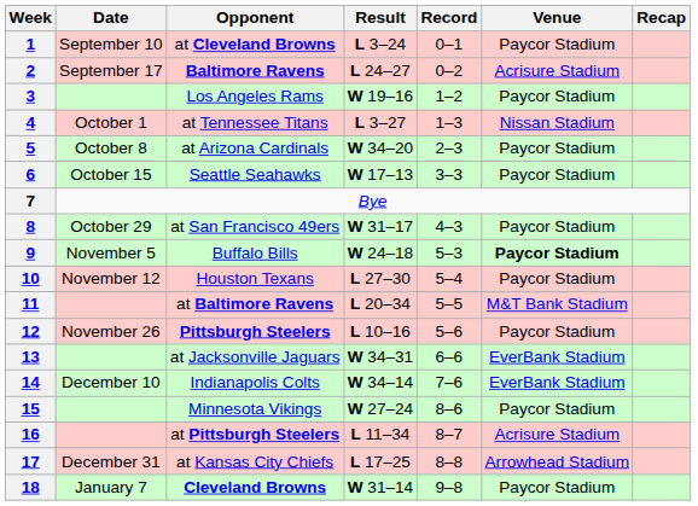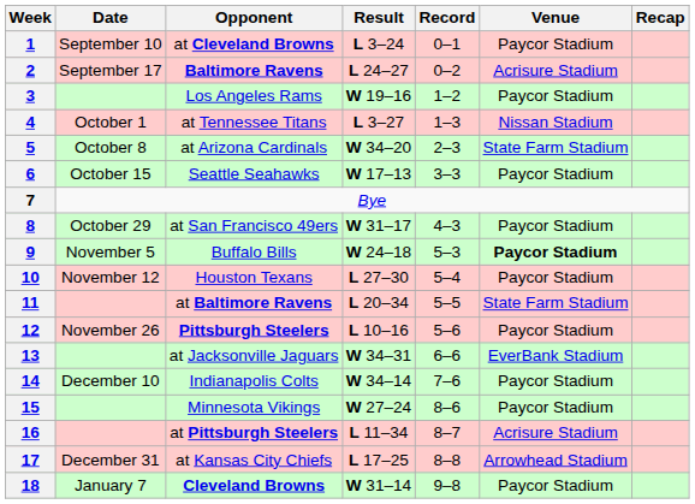 <table class="wikitable" style="text-align:center">
 <tr>
 <th>Week</th>
 <th>Date</th>
 <th>Opponent</th>
 <th>Result</th>
 <th>Record</th>
 <th>Venue</th>
 <th>Recap</th>
 </tr>
 <tr style="background:#fcc">
 <th><a href='#'>1</a></th>
 <td>September 10</td>
 <td>at <strong><a href='#'>Cleveland Browns</a></strong></td>
 <td><strong>L</strong> 3–24</td>
 <td>0–1</td>
 <td>Paycor Stadium</td>
 <td></td>
 </tr>
 <tr style="background:#fcc">
 <th><a href='#'>2</a></th>
 <td>September 17</td>
 <td><strong><a href='#'>Baltimore Ravens</a></strong></td>
 <td><strong>L</strong> 24–27</td>
 <td>0–2</td>
 <td><a href='#'>Acrisure Stadium</a></td>
 <td></td>
 </tr>
 <tr style="background:#cfc">
 <th><a href='#'>3</a></th>
 <td></td>
 <td><a href='#'>Los Angeles Rams</a></td>
 <td><strong>W</strong> 19–16</td>
 <td>1–2</td>
 <td>Paycor Stadium</td>
 <td></td>
 </tr>
 <tr style="background:#fcc">
 <th><a href='#'>4</a></th>
 <td>October 1</td>
 <td>at <a href='#'>Tennessee Titans</a></td>
 <td><strong>L</strong> 3–27</td>
 <td>1–3</td>
 <td><a href='#'>Nissan Stadium</a></td>
 <td></td>
 </tr>
 <tr style="background:#cfc;">
 <th><a href='#'>5</a></th>
 <td>October 8</td>
 <td>at <a href='#'>Arizona Cardinals</a></td>
 <td><strong>W</strong> 34–20</td>
 <td>2–3</td>
-<td>Paycor Stadium</td>
+<td><a href='#'>State Farm Stadium</a></td>
 <td></td>
 </tr>
 <tr style="background:#cfc;">
 <th><a href='#'>6</a></th>
 <td>October 15</td>
 <td><a href='#'>Seattle Seahawks</a></td>
 <td><strong>W</strong> 17–13</td>
 <td>3–3</td>
 <td>Paycor Stadium</td>
 <td></td>
 </tr>
 <tr>
 <th>7</th>
 <td colspan="6"><em><a href='#'>Bye</a></em></td>
 </tr>
 <tr style="background:#cfc">
 <th><a href='#'>8</a></th>
 <td>October 29</td>
 <td>at <a href='#'>San Francisco 49ers</a></td>
 <td><strong>W</strong> 31–17</td>
 <td>4–3</td>
 <td>Paycor Stadium</td>
 <td></td>
 </tr>
 <tr style="background:#cfc">
 <th><a href='#'>9</a></th>
 <td>November 5</td>
 <td><a href='#'>Buffalo Bills</a></td>
 <td><strong>W</strong> 24–18</td>
 <td>5–3</td>
 <td><strong>Paycor Stadium</strong></td>
 <td></td>
 </tr>
 <tr style="background:#fcc">
 <th><a href='#'>10</a></th>
 <td>November 12</td>
 <td><a href='#'>Houston Texans</a></td>
 <td><strong>L</strong> 27–30</td>
 <td>5–4</td>
 <td>Paycor Stadium</td>
 <td></td>
 </tr>
 <tr style="background:#fcc">
 <th><a href='#'>11</a></th>
 <td></td>
 <td>at <strong><a href='#'>Baltimore Ravens</a></strong></td>
 <td><strong>L</strong> 20–34</td>
 <td>5–5</td>
-<td><a href='#'>M&T Bank Stadium</a></td>
+<td><a href='#'>State Farm Stadium</a></td>
 <td></td>
 </tr>
 <tr style="background:#fcc">
 <th><a href='#'>12</a></th>
 <td>November 26</td>
 <td><strong><a href='#'>Pittsburgh Steelers</a></strong></td>
 <td><strong>L</strong> 10–16</td>
 <td>5–6</td>
 <td>Paycor Stadium</td>
 <td></td>
 </tr>
 <tr style="background:#cfc">
 <th><a href='#'>13</a></th>
 <td></td>
 <td>at <a href='#'>Jacksonville Jaguars</a></td>
 <td><strong>W</strong> 34–31 </td>
 <td>6–6</td>
 <td><a href='#'>EverBank Stadium</a></td>
 <td></td>
 </tr>
 <tr style="background:#cfc">
 <th><a href='#'>14</a></th>
 <td>December 10</td>
 <td><a href='#'>Indianapolis Colts</a></td>
 <td><strong>W</strong> 34–14</td>
 <td>7–6</td>
-<td><a href='#'>EverBank Stadium</a></td>
+<td>Paycor Stadium</td>
 <td></td>
 </tr>
 <tr style="background:#cfc">
 <th><a href='#'>15</a></th>
 <td></td>
 <td><a href='#'>Minnesota Vikings</a></td>
 <td><strong>W</strong> 27–24 </td>
 <td>8–6</td>
 <td>Paycor Stadium</td>
 <td></td>
 </tr>
 <tr style="background:#fcc">
 <th><a href='#'>16</a></th>
 <td></td>
 <td>at <strong><a href='#'>Pittsburgh Steelers</a></strong></td>
 <td><strong>L</strong> 11–34</td>
 <td>8–7</td>
 <td><a href='#'>Acrisure Stadium</a></td>
 <td></td>
 </tr>
 <tr style="background:#fcc">
 <th><a href='#'>17</a></th>
 <td>December 31</td>
 <td>at <a href='#'>Kansas City Chiefs</a></td>
 <td><strong>L</strong> 17–25</td>
 <td>8–8</td>
 <td><a href='#'>Arrowhead Stadium</a></td>
 <td></td>
 </tr>
 <tr style="background:#cfc">
 <th><a href='#'>18</a></th>
 <td>January 7</td>
 <td><strong><a href='#'>Cleveland Browns</a></strong></td>
 <td><strong>W</strong> 31–14</td>
 <td>9–8</td>
 <td>Paycor Stadium</td>
 <td></td>
 </tr>
 </table>
